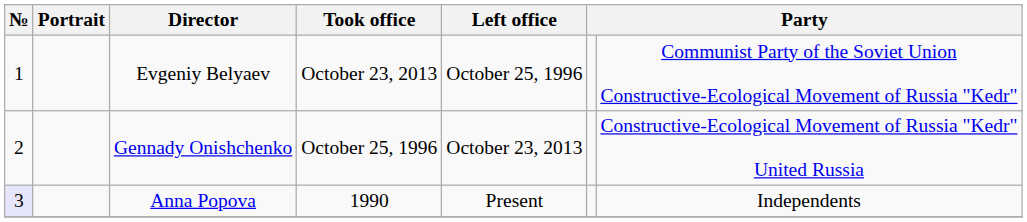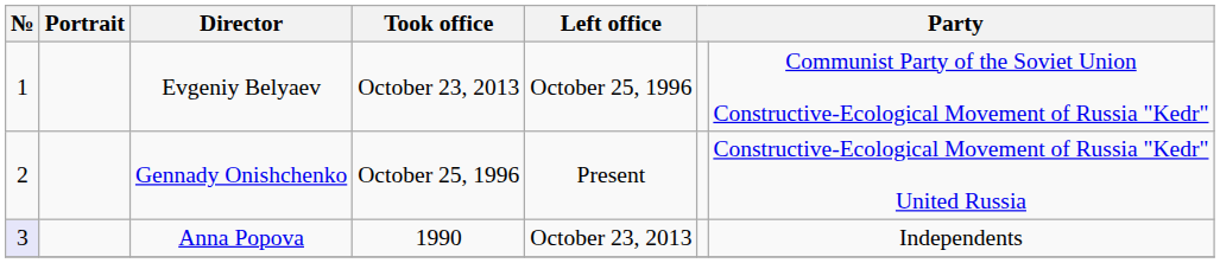 <table class=wikitable style="text-align:center">
 <tr>
 <th>№</th>
 <th>Portrait</th>
 <th>Director</th>
 <th>Took office</th>
 <th>Left office</th>
 <th colspan=2>Party</th>
 </tr>
 <tr>
 <td>1</td>
 <td></td>
 <td>Evgeniy Belyaev</td>
 <td>October 23, 2013</td>
 <td>October 25, 1996</td>
 <td style="background: linear-gradient("></td>
 <td><a href='#'>Communist Party of the Soviet Union</a><br><br><a href='#'>Constructive-Ecological Movement of Russia "Kedr"</a></td>
 </tr>
 <tr>
 <td>2</td>
 <td></td>
 <td><a href='#'>Gennady Onishchenko</a></td>
 <td>October 25, 1996</td>
-<td>October 23, 2013</td>
+<td>Present</td>
 <td style="background: linear-gradient("></td>
 <td><a href='#'>Constructive-Ecological Movement of Russia "Kedr"</a><br><br><a href='#'>United Russia</a></td>
 </tr>
 <tr>
 <td style="background: lavender;">3</td>
 <td></td>
 <td><a href='#'>Anna Popova</a></td>
 <td>1990</td>
-<td>Present</td>
+<td>October 23, 2013</td>
 <td style="background-color:"></td>
 <td>Independents</td>
 </tr>
 <tr>
 </tr>
 </table>
